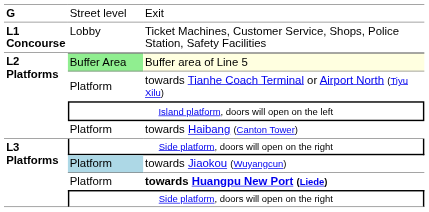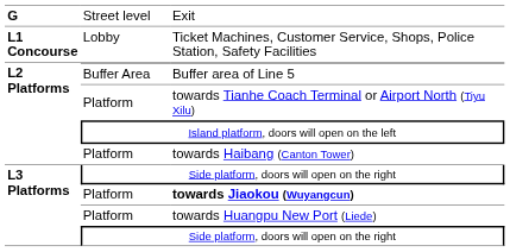 <table table border=0 cellspacing=0 cellpadding=3>
 <tr>
 <td style="border-top:solid 1px gray;" width=50 valign=top><strong>G</strong></td>
 <td style="border-top:solid 1px gray;" width=100 valign=top>Street level</td>
 <td style="border-top:solid 1px gray;" width=390 valign=top>Exit</td>
 </tr>
 <tr>
 <td style="border-bottom:solid 1px gray; border-top:solid 1px gray;" valign=top><strong>L1<br>Concourse</strong></td>
 <td style="border-bottom:solid 1px gray; border-top:solid 1px gray;" valign=top>Lobby</td>
 <td style="border-bottom:solid 1px gray; border-top:solid 1px gray;" valign=top>Ticket Machines, Customer Service, Shops, Police Station, Safety Facilities</td>
 </tr>
 <tr>
 <td style="border-bottom:solid 1px gray;" rowspan=4 valign=top><strong>L2<br>Platforms</strong></td>
-<td style="background: lightgreen; border-bottom:solid 1px gray; border-top:solid 1px gray;" valign=top>Buffer Area</td>
-<td style="background: lightyellow; border-bottom:solid 1px gray; border-top:solid 1px gray;" valign=top>Buffer area of Line 5</td>
+<td style="border-bottom:solid 1px gray; border-top:solid 1px gray;" valign=top>Buffer Area</td>
+<td style="border-bottom:solid 1px gray; border-top:solid 1px gray;" valign=top>Buffer area of Line 5</td>
 </tr>
 <tr>
 <td>Platform </td>
 <td>  towards <a href='#'>Tianhe Coach Terminal</a> or <a href='#'>Airport North</a> <small>(<a href='#'>Tiyu Xilu</a>)</small></td>
 </tr>
 <tr>
 <td style="border-right:solid 2px black;border-left:solid 2px black;border-top:solid 2px black;border-bottom:solid 2px black;text-align:center;" colspan=2><small><a href='#'>Island platform</a>, doors will open on the left</small></td>
 </tr>
 <tr>
 <td style="border-bottom:solid 1px gray;">Platform </td>
 <td style="border-bottom:solid 1px gray;"><span></span>  towards <a href='#'>Haibang</a> <small>(<a href='#'>Canton Tower</a>)</small> </td>
 </tr>
 <tr>
 <td style="border-bottom:solid 1px gray;" rowspan=4 valign=top><strong>L3<br>Platforms</strong></td>
 <td style="border-right:solid 2px black;border-left:solid 2px black;border-bottom:solid 2px black;font-size:smaller;text-align:center;" colspan=2><a href='#'>Side platform</a>, doors will open on the right</td>
 </tr>
 <tr>
-<td style="background: lightblue; border-bottom:solid 1px gray;" width=100>Platform </td>
-<td style="border-bottom:solid 1px gray;" width=285>  towards <a href='#'>Jiaokou</a> <small>(<a href='#'>Wuyangcun</a>)</small></td>
+<td style="border-bottom:solid 1px gray;" width=100>Platform </td>
+<td style="border-bottom:solid 1px gray;" width=285><strong>  towards <a href='#'>Jiaokou</a> <small>(<a href='#'>Wuyangcun</a>)</small></strong></td>
 </tr>
 <tr>
 <td>Platform </td>
-<td><strong><span></span>  towards <a href='#'>Huangpu New Port</a> <small>(<a href='#'>Liede</a>)</small> </strong></td>
+<td><span></span>  towards <a href='#'>Huangpu New Port</a> <small>(<a href='#'>Liede</a>)</small> </td>
 </tr>
 <tr>
 <td style="border-top:solid 2px black;border-right:solid 2px black;border-left:solid 2px black;border-bottom:solid 1px gray;font-size:smaller;text-align:center;" colspan=2><a href='#'>Side platform</a>, doors will open on the right</td>
 </tr>
 </table>
